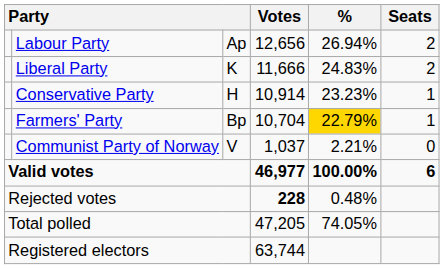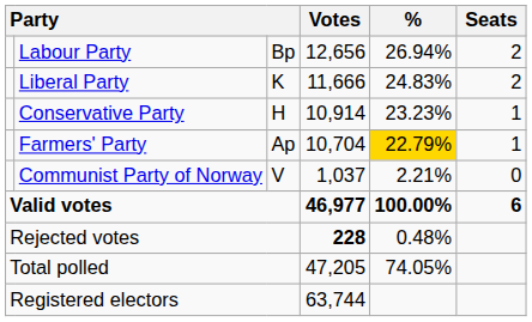 <table class="wikitable" border="1" style="text-align:right;">
 <tr>
 <th style="text-align:left;" colspan=3>Party</th>
 <th align=center width="50">Votes</th>
 <th align=center width="50">%</th>
 <th align=center width="50">Seats</th>
 </tr>
 <tr>
 <td style="color:inherit;background:"></td>
 <td align=left><a href='#'>Labour Party</a></td>
-<td align=left>Ap</td>
+<td align=left>Bp</td>
 <td>12,656</td>
 <td>26.94%</td>
 <td>2</td>
 </tr>
 <tr>
 <td style="color:inherit;background:"></td>
 <td align=left><a href='#'>Liberal Party</a></td>
 <td align=left>K</td>
 <td>11,666</td>
 <td>24.83%</td>
 <td>2</td>
 </tr>
 <tr>
 <td style="color:inherit;background:"></td>
 <td align=left><a href='#'>Conservative Party</a></td>
 <td align=left>H</td>
 <td>10,914</td>
 <td>23.23%</td>
 <td>1</td>
 </tr>
 <tr>
 <td style="color:inherit;background:"></td>
 <td align=left><a href='#'>Farmers' Party</a></td>
-<td align=left>Bp</td>
+<td align=left>Ap</td>
 <td>10,704</td>
 <td style="background: gold;">22.79%</td>
 <td>1</td>
 </tr>
 <tr>
 <td style="color:inherit;background:"></td>
 <td align=left><a href='#'>Communist Party of Norway</a></td>
 <td align=left>V</td>
 <td>1,037</td>
 <td>2.21%</td>
 <td>0</td>
 </tr>
 <tr style="font-weight:bold">
 <td align=left colspan=3>Valid votes</td>
 <td>46,977</td>
 <td>100.00%</td>
 <td>6</td>
 </tr>
 <tr>
 <td align=left colspan=3>Rejected votes</td>
 <td><strong>228</strong></td>
 <td>0.48%</td>
 <td></td>
 </tr>
 <tr>
 <td align=left colspan=3>Total polled</td>
 <td>47,205</td>
 <td>74.05%</td>
 <td></td>
 </tr>
 <tr>
 <td align=left colspan=3>Registered electors</td>
 <td>63,744</td>
 <td></td>
 <td></td>
 </tr>
 </table>
